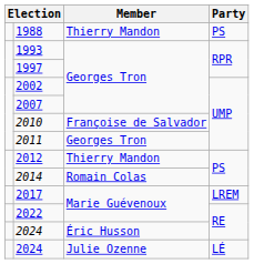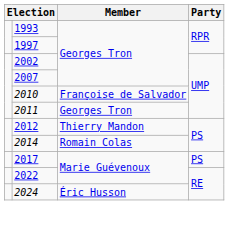 <table class="wikitable">
 <tr>
 <th colspan="2">Election</th>
 <th>Member</th>
 <th>Party</th>
-</tr>
-<tr>
-<td style="color:inherit;background-color: "></td>
-<td><a href='#'>1988</a></td>
-<td><a href='#'>Thierry Mandon</a></td>
-<td><a href='#'>PS</a></td>
 </tr>
 <tr>
 <td rowspan="2" style="color:inherit;background-color: "></td>
 <td><a href='#'>1993</a></td>
 <td rowspan="4"><a href='#'>Georges Tron</a></td>
 <td rowspan="2"><a href='#'>RPR</a></td>
 </tr>
 <tr>
 <td><a href='#'>1997</a></td>
 </tr>
 <tr>
 <td rowspan="4" style="color:inherit;background-color: "></td>
 <td><a href='#'>2002</a></td>
 <td rowspan="4"><a href='#'>UMP</a></td>
 </tr>
 <tr>
 <td><a href='#'>2007</a></td>
 </tr>
 <tr>
 <td><em>2010</em></td>
 <td><a href='#'>Françoise de Salvador</a></td>
 </tr>
 <tr>
 <td><em>2011</em></td>
 <td><a href='#'>Georges Tron</a></td>
 </tr>
 <tr>
 <td rowspan="2" style="color:inherit;background-color: "></td>
 <td><a href='#'>2012</a></td>
 <td><a href='#'>Thierry Mandon</a></td>
 <td rowspan="2"><a href='#'>PS</a></td>
 </tr>
 <tr>
 <td><em>2014</em></td>
 <td><a href='#'>Romain Colas</a></td>
 </tr>
 <tr>
 <td style="color:inherit;background-color: "></td>
 <td><a href='#'>2017</a></td>
 <td rowspan="2"><a href='#'>Marie Guévenoux</a></td>
-<td><a href='#'>LREM</a></td>
+<td><a href='#'>PS</a></td>
 </tr>
 <tr>
 <td style="color:inherit;background-color: "></td>
 <td><a href='#'>2022</a></td>
 <td rowspan="2"><a href='#'>RE</a></td>
 </tr>
 <tr>
 <td style="color:inherit;background-color: "></td>
 <td><em>2024</em></td>
 <td><a href='#'>Éric Husson</a></td>
 </tr>
-<tr>
-<td style="color:inherit;background:"></td>
-<td><a href='#'>2024</a></td>
-<td><a href='#'>Julie Ozenne</a></td>
-<td><a href='#'>LÉ</a></td>
-</tr>
 </table>
